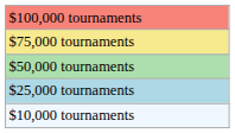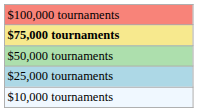 <table class="wikitable" style="font-size:85%;" width=13%>
 <tr style="background:#f88379;">
 <td>$100,000 tournaments</td>
 </tr>
 <tr style="background:#f7e98e;">
-<td>$75,000 tournaments</td>
+<td><strong>$75,000 tournaments</strong></td>
 </tr>
 <tr style="background:#addfad;">
 <td>$50,000 tournaments</td>
 </tr>
 <tr style="background:lightblue;">
 <td>$25,000 tournaments</td>
 </tr>
 <tr style="background:#f0f8ff;">
 <td>$10,000 tournaments</td>
 </tr>
 </table>
